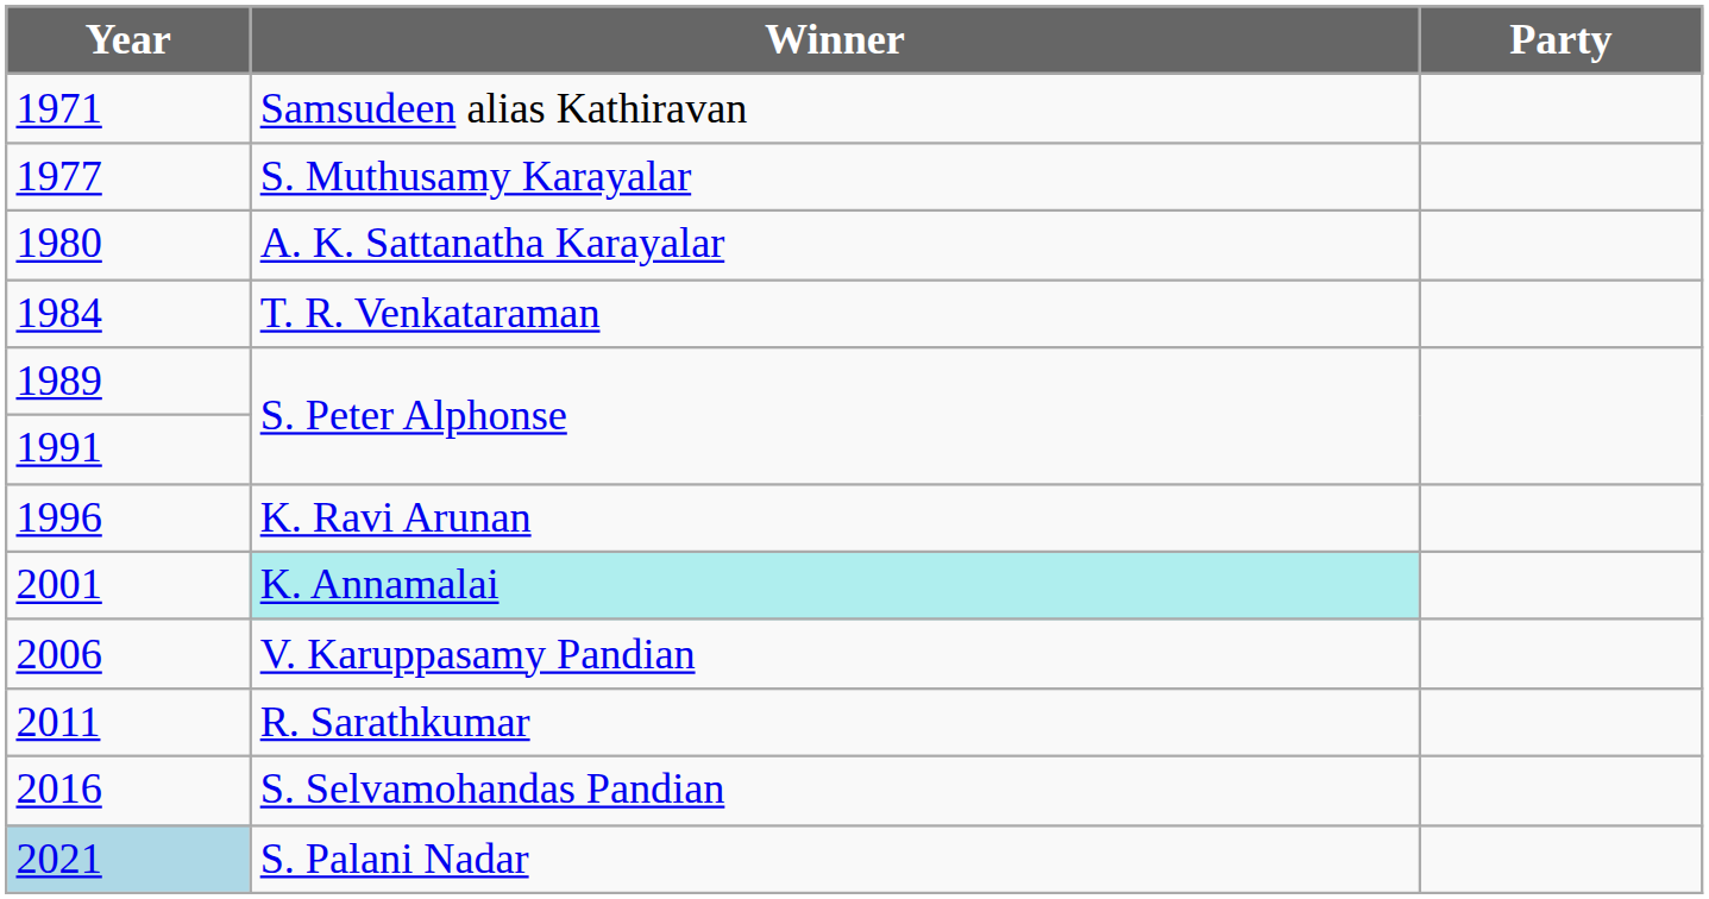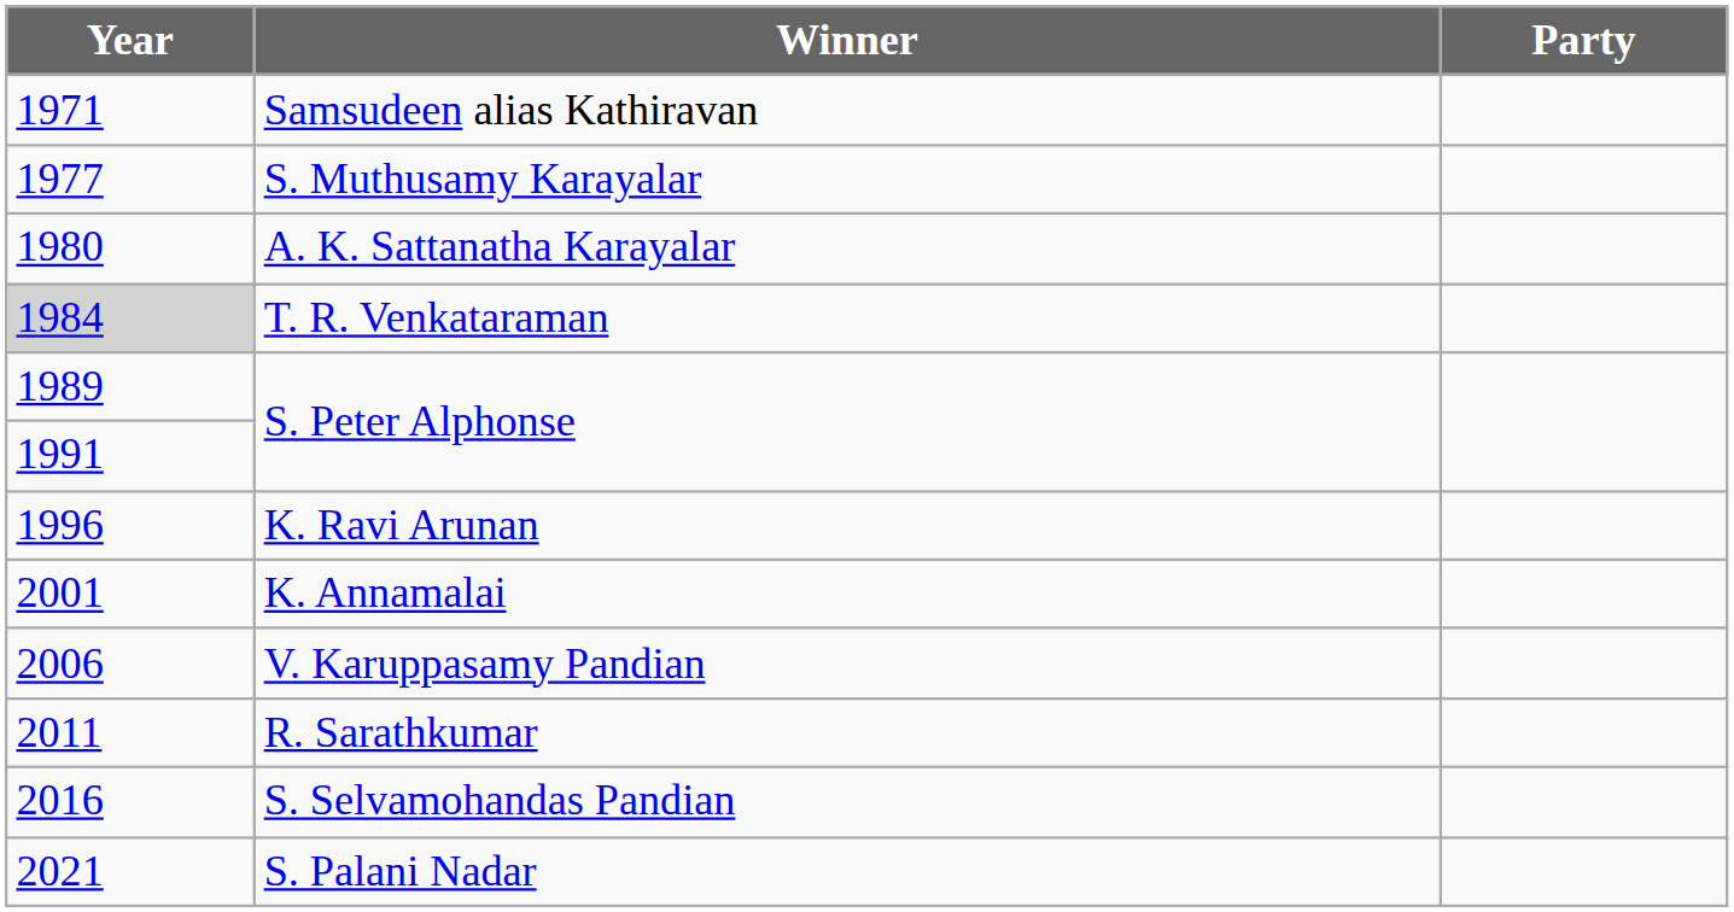 <table class="wikitable" width="50%">
 <tr>
 <th style="background-color:#666666; color:white">Year</th>
 <th style="background-color:#666666; color:white">Winner</th>
 <th style="background-color:#666666; color:white" colspan="2">Party</th>
 </tr>
 <tr>
 <td><a href='#'>1971</a></td>
 <td><a href='#'>Samsudeen</a> alias Kathiravan</td>
 <td></td>
 </tr>
 <tr>
 <td><a href='#'>1977</a></td>
 <td><a href='#'>S. Muthusamy Karayalar</a></td>
 <td></td>
 </tr>
 <tr>
 <td><a href='#'>1980</a></td>
 <td><a href='#'>A. K. Sattanatha Karayalar</a></td>
 <td></td>
 </tr>
 <tr>
-<td><a href='#'>1984</a></td>
+<td style="background: lightgrey;"><a href='#'>1984</a></td>
 <td><a href='#'>T. R. Venkataraman</a></td>
 <td></td>
 </tr>
 <tr>
 <td><a href='#'>1989</a></td>
 <td rowspan="2"><a href='#'>S. Peter Alphonse</a></td>
 </tr>
 <tr>
 <td><a href='#'>1991</a></td>
 </tr>
 <tr>
 <td><a href='#'>1996</a></td>
 <td><a href='#'>K. Ravi Arunan</a></td>
 <td></td>
 </tr>
 <tr>
 <td><a href='#'>2001</a></td>
-<td style="background: paleturquoise;"><a href='#'>K. Annamalai</a></td>
+<td><a href='#'>K. Annamalai</a></td>
 <td></td>
 </tr>
 <tr>
 <td><a href='#'>2006</a></td>
 <td><a href='#'>V. Karuppasamy Pandian</a></td>
 <td></td>
 </tr>
 <tr>
 <td><a href='#'>2011</a></td>
 <td><a href='#'>R. Sarathkumar</a></td>
 <td></td>
 </tr>
 <tr>
 <td><a href='#'>2016</a></td>
 <td><a href='#'>S. Selvamohandas Pandian</a></td>
 </tr>
 <tr>
-<td style="background: lightblue;"><a href='#'>2021</a></td>
+<td><a href='#'>2021</a></td>
 <td><a href='#'>S. Palani Nadar</a></td>
 <td></td>
 </tr>
 </table>
